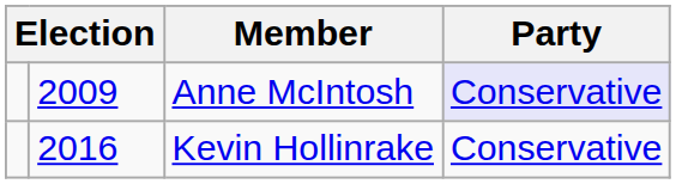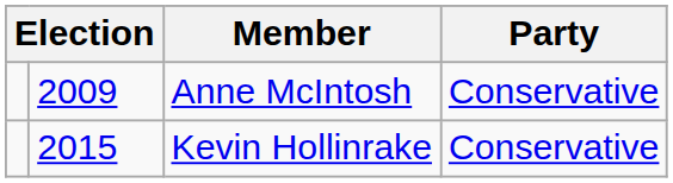 <table class="wikitable">
 <tr>
 <th colspan="2">Election</th>
 <th>Member</th>
 <th>Party</th>
 </tr>
 <tr>
 <td style="color:inherit;background-color: "></td>
 <td><a href='#'>2009</a></td>
 <td><a href='#'>Anne McIntosh</a></td>
-<td style="background: lavender;"><a href='#'>Conservative</a></td>
+<td><a href='#'>Conservative</a></td>
 </tr>
 <tr>
 <td style="color:inherit;background-color: "></td>
-<td><a href='#'>2016</a></td>
+<td><a href='#'>2015</a></td>
 <td><a href='#'>Kevin Hollinrake</a></td>
 <td><a href='#'>Conservative</a></td>
 </tr>
 </table>
